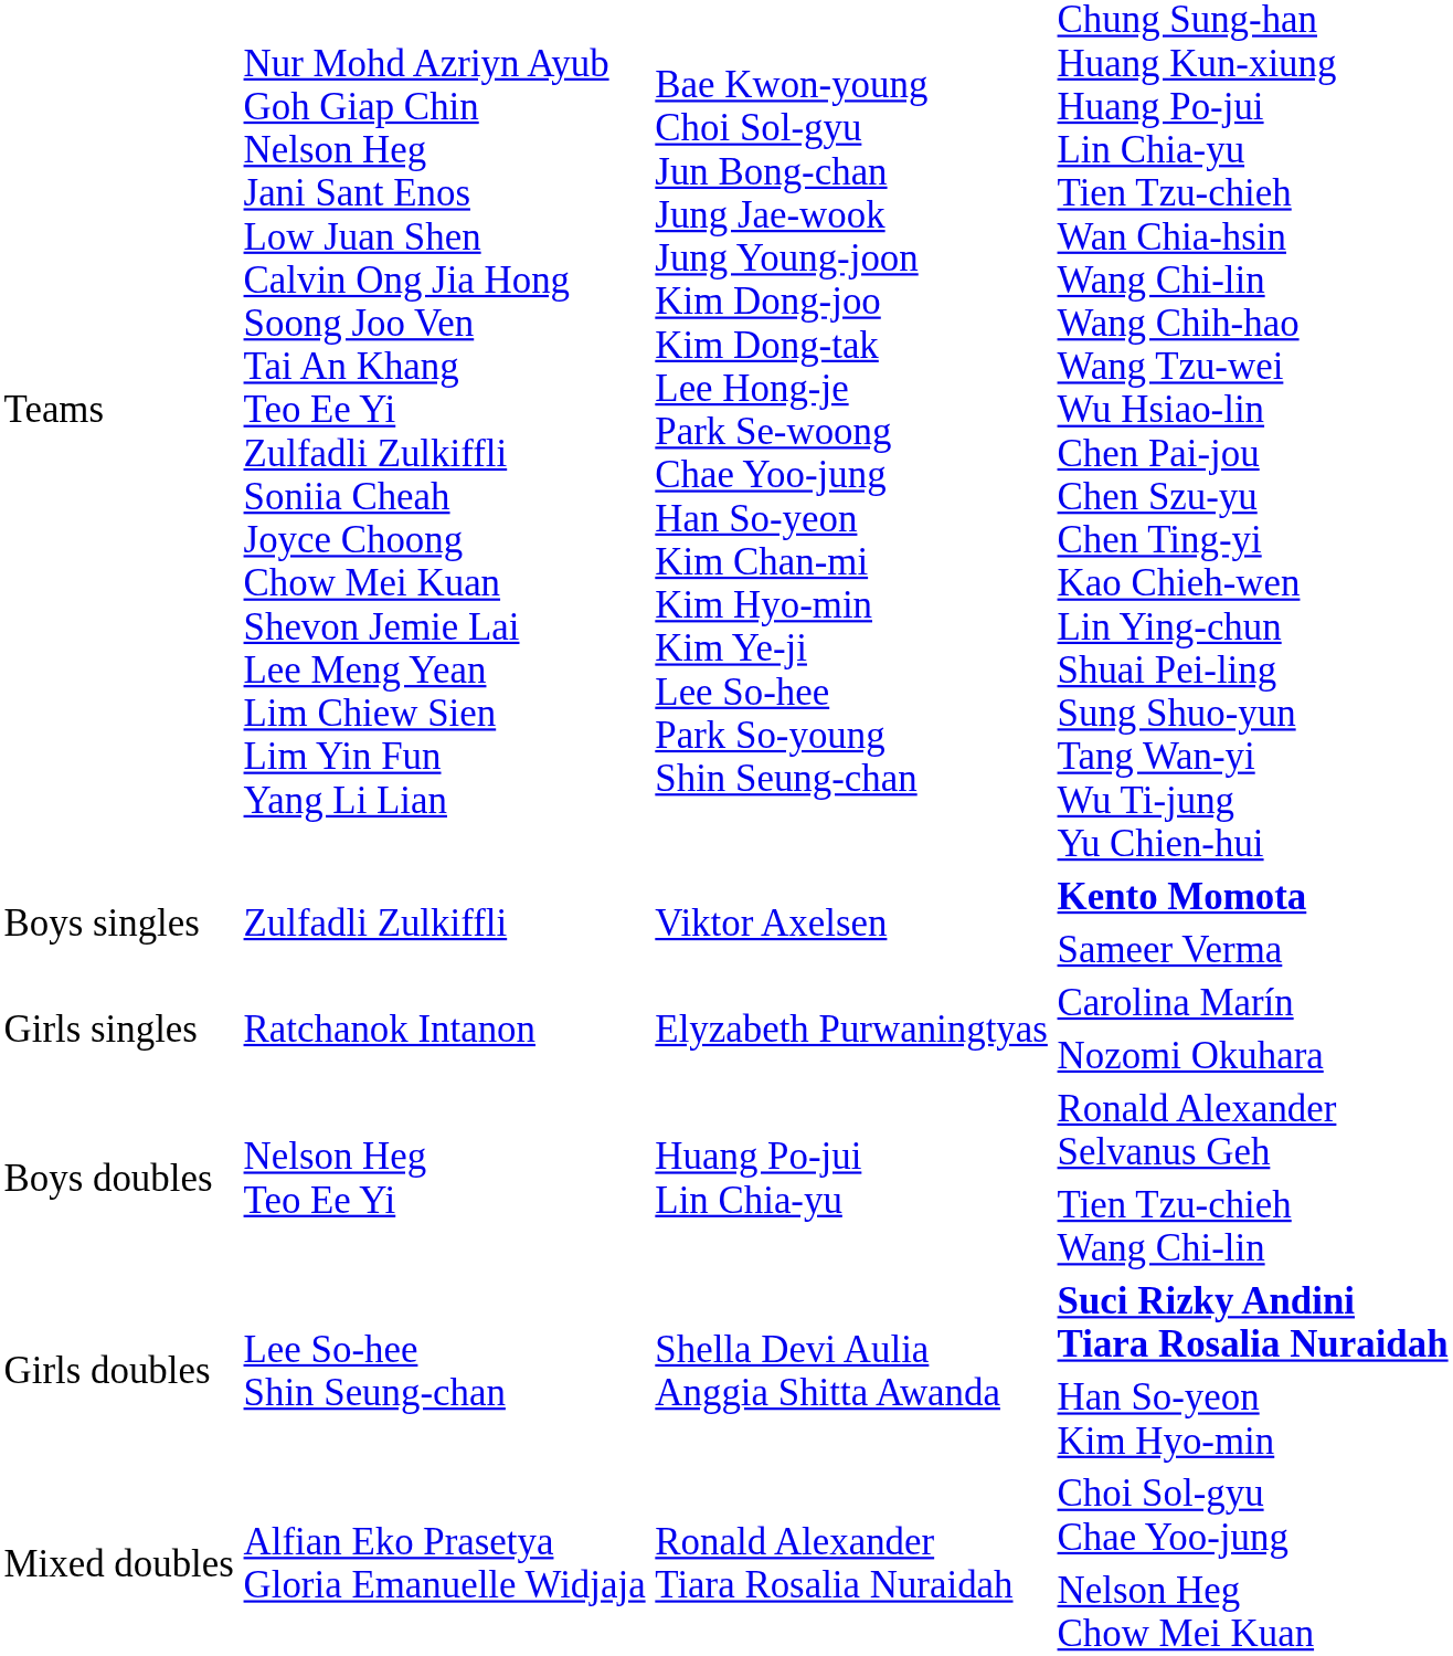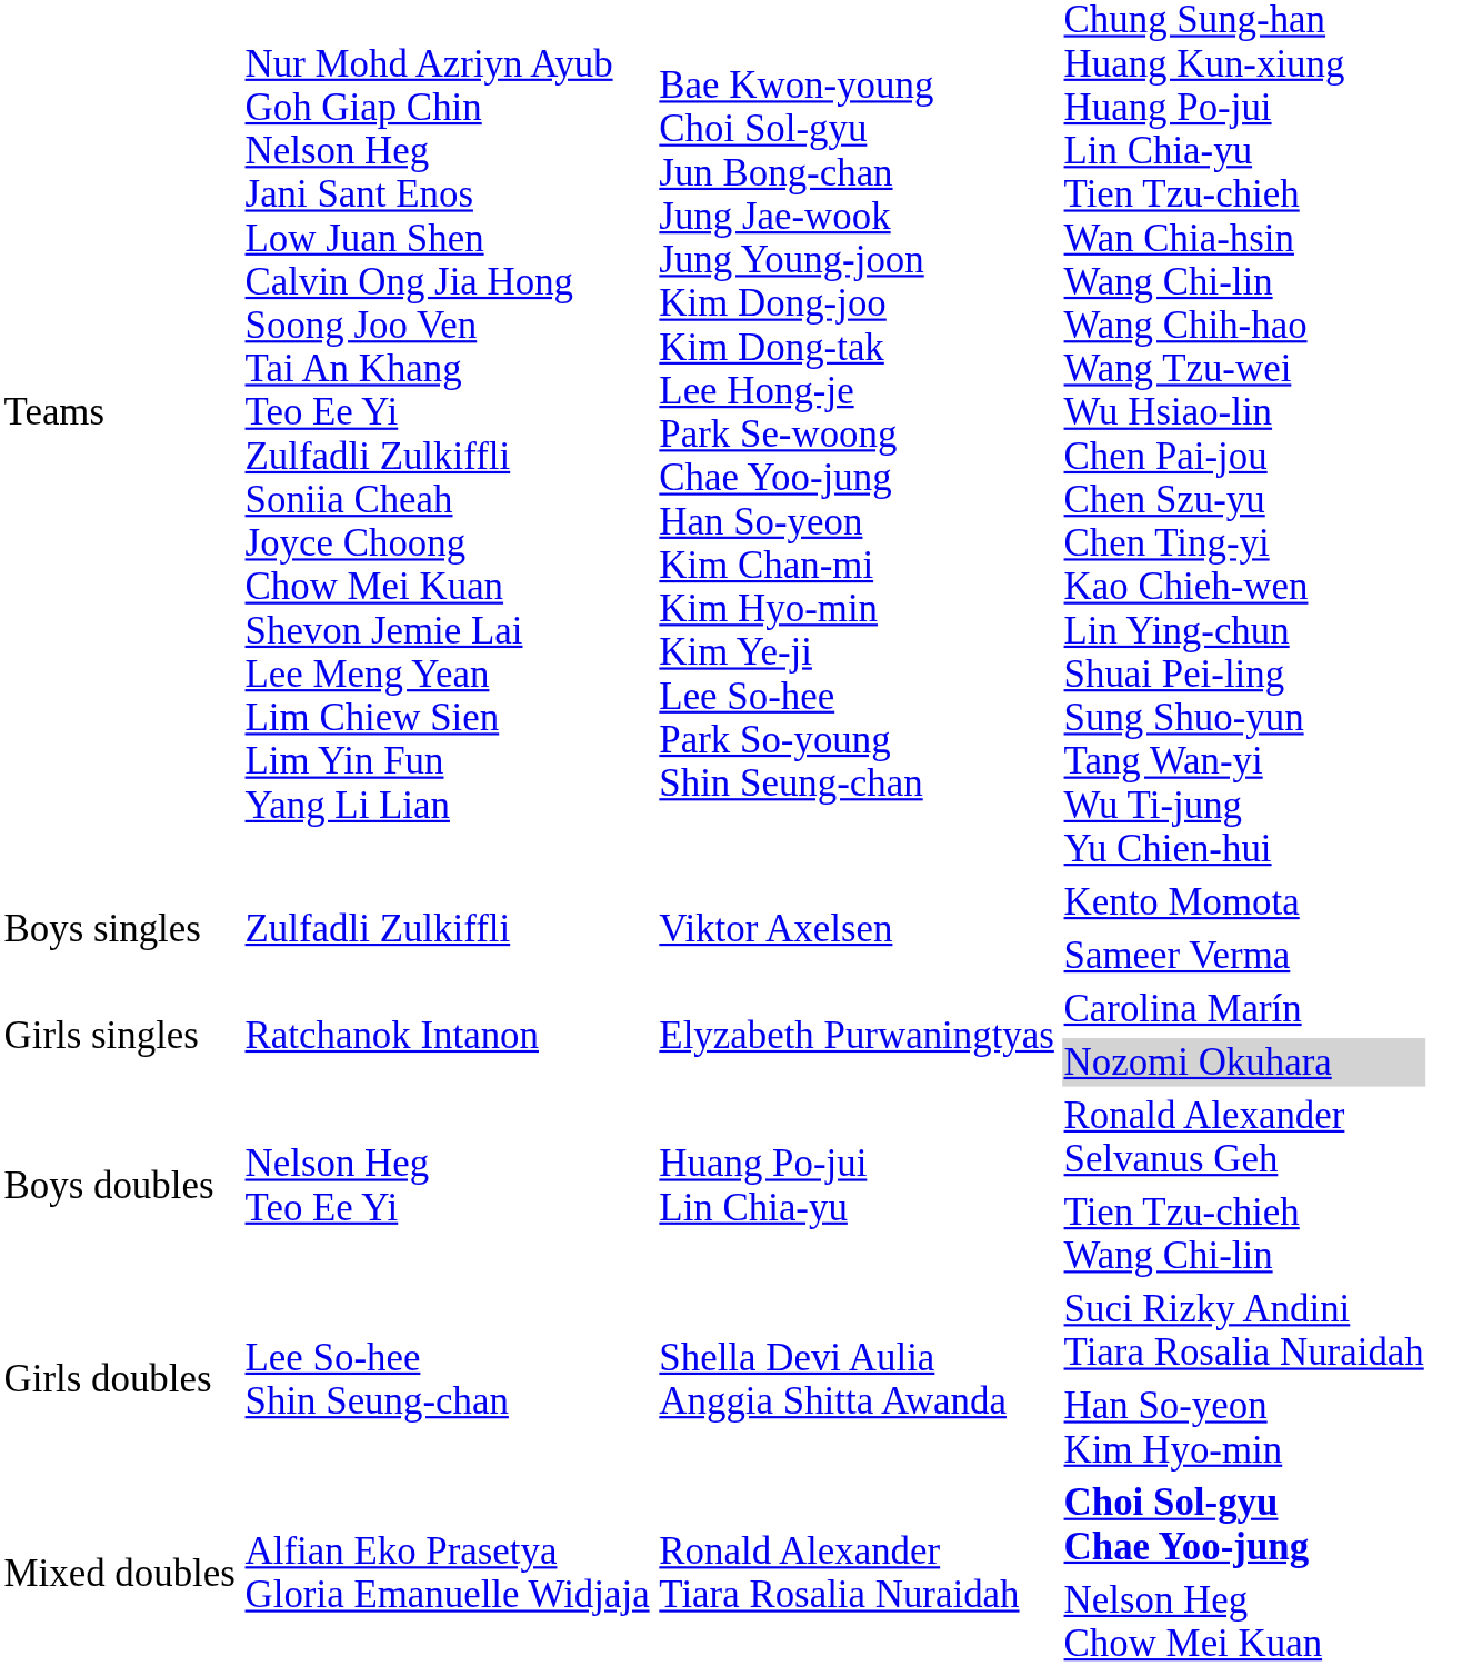 <table>
 <tr>
 <td>Teams<br></td>
 <td> <br><a href='#'>Nur Mohd Azriyn Ayub</a><br><a href='#'>Goh Giap Chin</a><br><a href='#'>Nelson Heg</a><br><a href='#'>Jani Sant Enos</a><br><a href='#'>Low Juan Shen</a><br><a href='#'>Calvin Ong Jia Hong</a><br><a href='#'>Soong Joo Ven</a><br><a href='#'>Tai An Khang</a><br><a href='#'>Teo Ee Yi</a><br><a href='#'>Zulfadli Zulkiffli</a><br><a href='#'>Soniia Cheah</a><br><a href='#'>Joyce Choong</a><br><a href='#'>Chow Mei Kuan</a><br><a href='#'>Shevon Jemie Lai</a><br><a href='#'>Lee Meng Yean</a><br><a href='#'>Lim Chiew Sien</a><br><a href='#'>Lim Yin Fun</a><br><a href='#'>Yang Li Lian</a></td>
 <td> <br><a href='#'>Bae Kwon-young</a><br><a href='#'>Choi Sol-gyu</a><br><a href='#'>Jun Bong-chan</a><br><a href='#'>Jung Jae-wook</a><br><a href='#'>Jung Young-joon</a><br><a href='#'>Kim Dong-joo</a><br><a href='#'>Kim Dong-tak</a><br><a href='#'>Lee Hong-je</a><br><a href='#'>Park Se-woong</a><br><a href='#'>Chae Yoo-jung</a><br><a href='#'>Han So-yeon</a><br><a href='#'>Kim Chan-mi</a><br><a href='#'>Kim Hyo-min</a><br><a href='#'>Kim Ye-ji</a><br><a href='#'>Lee So-hee</a><br><a href='#'>Park So-young</a><br><a href='#'>Shin Seung-chan</a></td>
 <td> <br><a href='#'>Chung Sung-han</a><br><a href='#'>Huang Kun-xiung</a><br><a href='#'>Huang Po-jui</a><br><a href='#'>Lin Chia-yu</a><br><a href='#'>Tien Tzu-chieh</a><br><a href='#'>Wan Chia-hsin</a><br><a href='#'>Wang Chi-lin</a><br><a href='#'>Wang Chih-hao</a><br><a href='#'>Wang Tzu-wei</a><br><a href='#'>Wu Hsiao-lin</a><br><a href='#'>Chen Pai-jou</a><br><a href='#'>Chen Szu-yu</a><br><a href='#'>Chen Ting-yi</a><br><a href='#'>Kao Chieh-wen</a><br><a href='#'>Lin Ying-chun</a><br><a href='#'>Shuai Pei-ling</a><br><a href='#'>Sung Shuo-yun</a><br><a href='#'>Tang Wan-yi</a><br><a href='#'>Wu Ti-jung</a><br><a href='#'>Yu Chien-hui</a></td>
 </tr>
 <tr>
 <td rowspan=2>Boys singles<br></td>
 <td rowspan=2> <a href='#'>Zulfadli Zulkiffli</a></td>
 <td rowspan=2> <a href='#'>Viktor Axelsen</a></td>
-<td><strong> <a href='#'>Kento Momota</a></strong></td>
+<td> <a href='#'>Kento Momota</a></td>
 </tr>
 <tr>
 <td> <a href='#'>Sameer Verma</a></td>
 </tr>
 <tr>
 <td rowspan=2>Girls singles<br></td>
 <td rowspan=2> <a href='#'>Ratchanok Intanon</a></td>
 <td rowspan=2> <a href='#'>Elyzabeth Purwaningtyas</a></td>
 <td> <a href='#'>Carolina Marín</a></td>
 </tr>
 <tr>
-<td> <a href='#'>Nozomi Okuhara</a></td>
+<td style="background: lightgrey;"> <a href='#'>Nozomi Okuhara</a></td>
 </tr>
 <tr>
 <td rowspan=2>Boys doubles<br></td>
 <td rowspan=2> <a href='#'>Nelson Heg</a><br>  <a href='#'>Teo Ee Yi</a></td>
 <td rowspan=2> <a href='#'>Huang Po-jui</a><br>  <a href='#'>Lin Chia-yu</a></td>
 <td> <a href='#'>Ronald Alexander</a><br>  <a href='#'>Selvanus Geh</a></td>
 </tr>
 <tr>
 <td> <a href='#'>Tien Tzu-chieh</a><br>  <a href='#'>Wang Chi-lin</a></td>
 </tr>
 <tr>
 <td rowspan=2>Girls doubles<br></td>
 <td rowspan=2> <a href='#'>Lee So-hee</a><br>  <a href='#'>Shin Seung-chan</a></td>
 <td rowspan=2> <a href='#'>Shella Devi Aulia</a><br>  <a href='#'>Anggia Shitta Awanda</a></td>
-<td><strong> <a href='#'>Suci Rizky Andini</a><br>  <a href='#'>Tiara Rosalia Nuraidah</a></strong></td>
+<td> <a href='#'>Suci Rizky Andini</a><br>  <a href='#'>Tiara Rosalia Nuraidah</a></td>
 </tr>
 <tr>
 <td> <a href='#'>Han So-yeon</a><br>  <a href='#'>Kim Hyo-min</a></td>
 </tr>
 <tr>
 <td rowspan=2>Mixed doubles<br></td>
 <td rowspan=2> <a href='#'>Alfian Eko Prasetya</a><br>  <a href='#'>Gloria Emanuelle Widjaja</a></td>
 <td rowspan=2> <a href='#'>Ronald Alexander</a><br>  <a href='#'>Tiara Rosalia Nuraidah</a></td>
-<td> <a href='#'>Choi Sol-gyu</a><br>  <a href='#'>Chae Yoo-jung</a></td>
+<td><strong> <a href='#'>Choi Sol-gyu</a><br>  <a href='#'>Chae Yoo-jung</a></strong></td>
 </tr>
 <tr>
 <td> <a href='#'>Nelson Heg</a><br>  <a href='#'>Chow Mei Kuan</a></td>
 </tr>
 </table>
